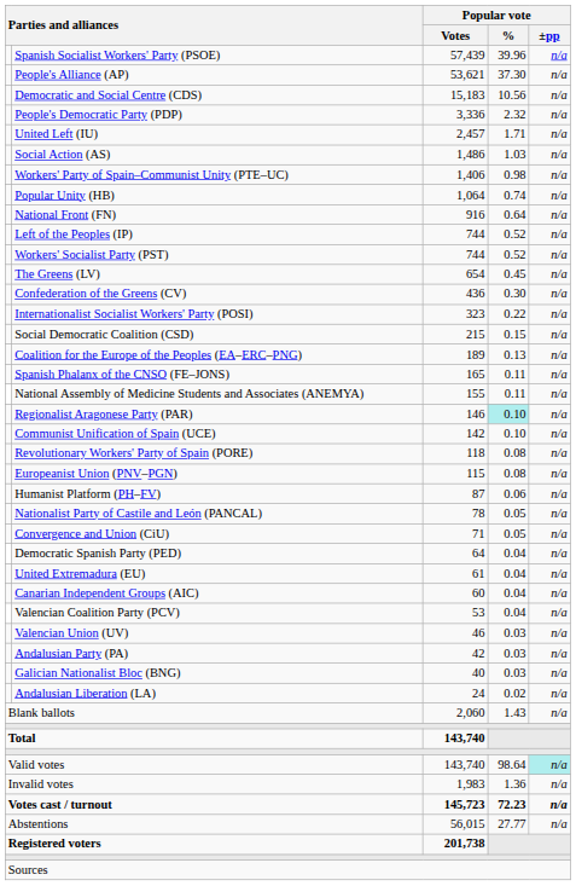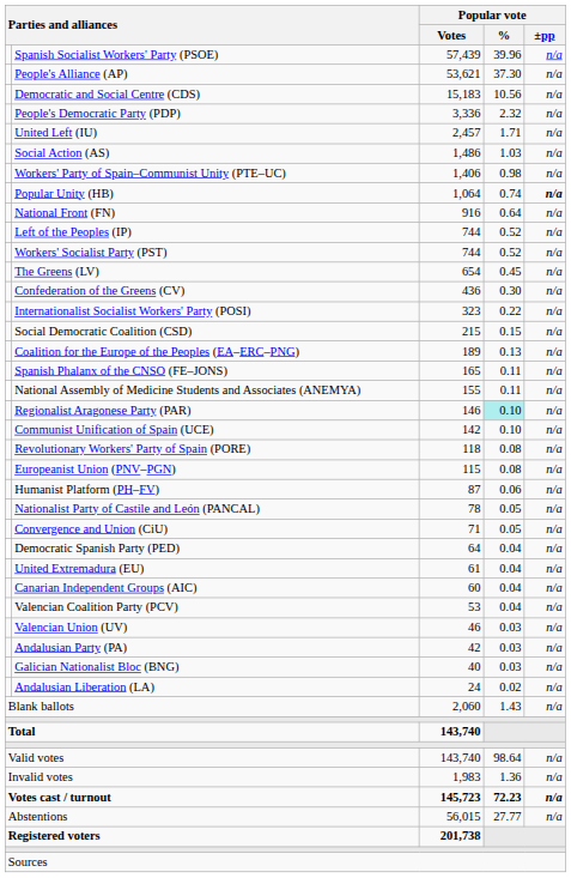 <table class="wikitable" style="text-align:right">
 <tr>
 <th style="text-align:left;" rowspan="2" colspan="2" width="525">Parties and alliances</th>
 <th colspan="3">Popular vote</th>
 </tr>
 <tr>
 <th width="75">Votes</th>
 <th width="45">%</th>
 <th width="45">±<a href='#'>pp</a></th>
 </tr>
 <tr>
 <td width="1" style="color:inherit;background:"></td>
 <td align="left"><a href='#'>Spanish Socialist Workers' Party</a> (PSOE)</td>
 <td>57,439</td>
 <td>39.96</td>
 <td><em><a href='#'>n/a</a></em></td>
 </tr>
 <tr>
 <td style="color:inherit;background:"></td>
 <td align="left"><a href='#'>People's Alliance</a> (AP)</td>
 <td>53,621</td>
 <td>37.30</td>
 <td><em>n/a</em></td>
 </tr>
 <tr>
 <td style="color:inherit;background:"></td>
 <td align="left"><a href='#'>Democratic and Social Centre</a> (CDS)</td>
 <td>15,183</td>
 <td>10.56</td>
 <td><em>n/a</em></td>
 </tr>
 <tr>
 <td style="color:inherit;background:"></td>
 <td align="left"><a href='#'>People's Democratic Party</a> (PDP)</td>
 <td>3,336</td>
 <td>2.32</td>
 <td><em>n/a</em></td>
 </tr>
 <tr>
 <td style="color:inherit;background:"></td>
 <td align="left"><a href='#'>United Left</a> (IU)</td>
 <td>2,457</td>
 <td>1.71</td>
 <td><em>n/a</em></td>
 </tr>
 <tr>
 <td style="color:inherit;background:"></td>
 <td align="left"><a href='#'>Social Action</a> (AS)</td>
 <td>1,486</td>
 <td>1.03</td>
 <td><em>n/a</em></td>
 </tr>
 <tr>
 <td style="color:inherit;background:"></td>
 <td align="left"><a href='#'>Workers' Party of Spain–Communist Unity</a> (PTE–UC)</td>
 <td>1,406</td>
 <td>0.98</td>
 <td><em>n/a</em></td>
 </tr>
 <tr>
 <td style="color:inherit;background:"></td>
 <td align="left"><a href='#'>Popular Unity</a> (HB)</td>
 <td>1,064</td>
 <td>0.74</td>
-<td><em>n/a</em></td>
+<td><strong><em>n/a</em></strong></td>
 </tr>
 <tr>
 <td style="color:inherit;background:"></td>
 <td align="left"><a href='#'>National Front</a> (FN)</td>
 <td>916</td>
 <td>0.64</td>
 <td><em>n/a</em></td>
 </tr>
 <tr>
 <td style="color:inherit;background:"></td>
 <td align="left"><a href='#'>Left of the Peoples</a> (IP)</td>
 <td>744</td>
 <td>0.52</td>
 <td><em>n/a</em></td>
 </tr>
 <tr>
 <td style="color:inherit;background:"></td>
 <td align="left"><a href='#'>Workers' Socialist Party</a> (PST)</td>
 <td>744</td>
 <td>0.52</td>
 <td><em>n/a</em></td>
 </tr>
 <tr>
 <td style="color:inherit;background:"></td>
 <td align="left"><a href='#'>The Greens</a> (LV)</td>
 <td>654</td>
 <td>0.45</td>
 <td><em>n/a</em></td>
 </tr>
 <tr>
 <td style="color:inherit;background:"></td>
 <td align="left"><a href='#'>Confederation of the Greens</a> (CV)</td>
 <td>436</td>
 <td>0.30</td>
 <td><em>n/a</em></td>
 </tr>
 <tr>
 <td style="color:inherit;background:"></td>
 <td align="left"><a href='#'>Internationalist Socialist Workers' Party</a> (POSI)</td>
 <td>323</td>
 <td>0.22</td>
 <td><em>n/a</em></td>
 </tr>
 <tr>
 <td style="color:inherit;background:"></td>
 <td align="left">Social Democratic Coalition (CSD)</td>
 <td>215</td>
 <td>0.15</td>
 <td><em>n/a</em></td>
 </tr>
 <tr>
 <td style="color:inherit;background:"></td>
 <td align="left"><a href='#'>Coalition for the Europe of the Peoples</a> (<a href='#'>EA</a>–<a href='#'>ERC</a>–<a href='#'>PNG</a>)</td>
 <td>189</td>
 <td>0.13</td>
 <td><em>n/a</em></td>
 </tr>
 <tr>
 <td style="color:inherit;background:"></td>
 <td align="left"><a href='#'>Spanish Phalanx of the CNSO</a> (FE–JONS)</td>
 <td>165</td>
 <td>0.11</td>
 <td><em>n/a</em></td>
 </tr>
 <tr>
 <td bgcolor="white"></td>
 <td align="left">National Assembly of Medicine Students and Associates (ANEMYA)</td>
 <td>155</td>
 <td>0.11</td>
 <td><em>n/a</em></td>
 </tr>
 <tr>
 <td style="color:inherit;background:"></td>
 <td align="left"><a href='#'>Regionalist Aragonese Party</a> (PAR)</td>
 <td>146</td>
 <td style="background: paleturquoise;">0.10</td>
 <td><em>n/a</em></td>
 </tr>
 <tr>
 <td style="color:inherit;background:"></td>
 <td align="left"><a href='#'>Communist Unification of Spain</a> (UCE)</td>
 <td>142</td>
 <td>0.10</td>
 <td><em>n/a</em></td>
 </tr>
 <tr>
 <td style="color:inherit;background:"></td>
 <td align="left"><a href='#'>Revolutionary Workers' Party of Spain</a> (PORE)</td>
 <td>118</td>
 <td>0.08</td>
 <td><em>n/a</em></td>
 </tr>
 <tr>
 <td style="color:inherit;background:"></td>
 <td align="left"><a href='#'>Europeanist Union</a> (<a href='#'>PNV</a>–<a href='#'>PGN</a>)</td>
 <td>115</td>
 <td>0.08</td>
 <td><em>n/a</em></td>
 </tr>
 <tr>
 <td style="color:inherit;background:"></td>
 <td align="left">Humanist Platform (<a href='#'>PH</a>–<a href='#'>FV</a>)</td>
 <td>87</td>
 <td>0.06</td>
 <td><em>n/a</em></td>
 </tr>
 <tr>
 <td style="color:inherit;background:"></td>
 <td align="left"><a href='#'>Nationalist Party of Castile and León</a> (PANCAL)</td>
 <td>78</td>
 <td>0.05</td>
 <td><em>n/a</em></td>
 </tr>
 <tr>
 <td style="color:inherit;background:"></td>
 <td align="left"><a href='#'>Convergence and Union</a> (CiU)</td>
 <td>71</td>
 <td>0.05</td>
 <td><em>n/a</em></td>
 </tr>
 <tr>
 <td bgcolor="white"></td>
 <td align="left">Democratic Spanish Party (PED)</td>
 <td>64</td>
 <td>0.04</td>
 <td><em>n/a</em></td>
 </tr>
 <tr>
 <td style="color:inherit;background:"></td>
 <td align="left"><a href='#'>United Extremadura</a> (EU)</td>
 <td>61</td>
 <td>0.04</td>
 <td><em>n/a</em></td>
 </tr>
 <tr>
 <td style="color:inherit;background:"></td>
 <td align="left"><a href='#'>Canarian Independent Groups</a> (AIC)</td>
 <td>60</td>
 <td>0.04</td>
 <td><em>n/a</em></td>
 </tr>
 <tr>
 <td bgcolor="white"></td>
 <td align="left">Valencian Coalition Party (PCV)</td>
 <td>53</td>
 <td>0.04</td>
 <td><em>n/a</em></td>
 </tr>
 <tr>
 <td style="color:inherit;background:"></td>
 <td align="left"><a href='#'>Valencian Union</a> (UV)</td>
 <td>46</td>
 <td>0.03</td>
 <td><em>n/a</em></td>
 </tr>
 <tr>
 <td style="color:inherit;background:"></td>
 <td align="left"><a href='#'>Andalusian Party</a> (PA)</td>
 <td>42</td>
 <td>0.03</td>
 <td><em>n/a</em></td>
 </tr>
 <tr>
 <td style="color:inherit;background:"></td>
 <td align="left"><a href='#'>Galician Nationalist Bloc</a> (BNG)</td>
 <td>40</td>
 <td>0.03</td>
 <td><em>n/a</em></td>
 </tr>
 <tr>
 <td style="color:inherit;background:"></td>
 <td align="left"><a href='#'>Andalusian Liberation</a> (LA)</td>
 <td>24</td>
 <td>0.02</td>
 <td><em>n/a</em></td>
 </tr>
 <tr>
 <td align="left" colspan="2">Blank ballots</td>
 <td>2,060</td>
 <td>1.43</td>
 <td><em>n/a</em></td>
 </tr>
 <tr>
 <td colspan="5" bgcolor="#E9E9E9"></td>
 </tr>
 <tr style="font-weight:bold;">
 <td align="left" colspan="2">Total</td>
 <td>143,740</td>
 <td bgcolor="#E9E9E9" colspan="2"></td>
 </tr>
 <tr>
 <td colspan="5" bgcolor="#E9E9E9"></td>
 </tr>
 <tr>
 <td align="left" colspan="2">Valid votes</td>
 <td>143,740</td>
 <td>98.64</td>
-<td style="background: paleturquoise;"><em>n/a</em></td>
+<td><em>n/a</em></td>
 </tr>
 <tr>
 <td align="left" colspan="2">Invalid votes</td>
 <td>1,983</td>
 <td>1.36</td>
 <td><em>n/a</em></td>
 </tr>
 <tr style="font-weight:bold;">
 <td align="left" colspan="2">Votes cast / turnout</td>
 <td>145,723</td>
 <td>72.23</td>
 <td><em>n/a</em></td>
 </tr>
 <tr>
 <td align="left" colspan="2">Abstentions</td>
 <td>56,015</td>
 <td>27.77</td>
 <td><em>n/a</em></td>
 </tr>
 <tr style="font-weight:bold;">
 <td align="left" colspan="2">Registered voters</td>
 <td>201,738</td>
 <td bgcolor="#E9E9E9" colspan="2"></td>
 </tr>
 <tr>
 <td colspan="5" bgcolor="#E9E9E9"></td>
 </tr>
 <tr>
 <td align="left" colspan="5">Sources</td>
 </tr>
 </table>
